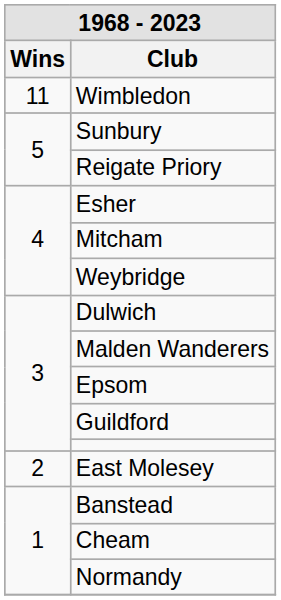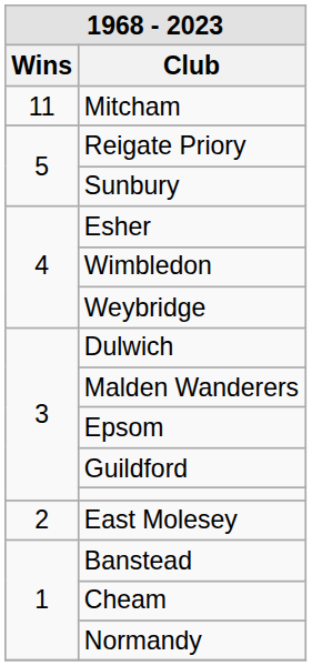 <table class=wikitable style="font-size:85%">
 <tr>
 <td bgcolor="#e2e2e2" colspan=2 style="text-align: center;"><strong>1968 - 2023</strong></td>
 </tr>
 <tr>
 <th>Wins</th>
 <th>Club</th>
 </tr>
 <tr>
 <td style="text-align: center;">11</td>
-<td>Wimbledon</td>
+<td>Mitcham</td>
 </tr>
 <tr>
 <td rowspan=2 style="text-align: center;" style="text-align: center;">5</td>
-<td>Sunbury</td>
+<td>Reigate Priory</td>
 </tr>
 <tr>
-<td>Reigate Priory</td>
+<td>Sunbury</td>
 </tr>
 <tr>
 <td rowspan=3 style="text-align: center;" style="text-align: center;">4</td>
 <td>Esher</td>
 </tr>
 <tr>
-<td>Mitcham</td>
+<td>Wimbledon</td>
 </tr>
 <tr>
 <td>Weybridge</td>
 </tr>
 <tr>
 <td rowspan=5 style="text-align: center;" style="text-align: center;">3</td>
 <td>Dulwich</td>
 </tr>
 <tr>
 <td>Malden Wanderers</td>
 </tr>
 <tr>
 <td>Epsom</td>
 </tr>
 <tr>
 <td>Guildford</td>
 </tr>
 <tr>
 <td></td>
 </tr>
 <tr>
 <td style="text-align: center;">2</td>
 <td>East Molesey</td>
 </tr>
 <tr>
 <td rowspan=3 style="text-align: center;" style="text-align: center;">1</td>
 <td>Banstead</td>
 </tr>
 <tr>
 <td>Cheam</td>
 </tr>
 <tr>
 <td>Normandy</td>
 </tr>
 <tr>
 </tr>
 </table>
